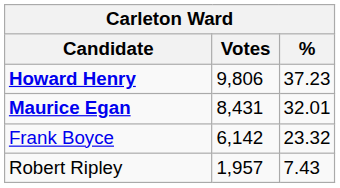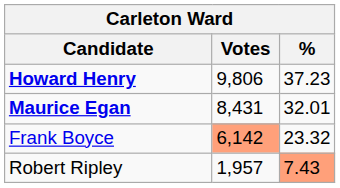 <table class="wikitable">
 <tr>
 <th colspan="3">Carleton Ward</th>
 </tr>
 <tr>
 <th style="width: 170px">Candidate</th>
 <th style="width: 50px">Votes</th>
 <th style="width: 40px">%</th>
 </tr>
 <tr>
 <td><strong><a href='#'>Howard Henry</a></strong></td>
 <td>9,806</td>
 <td>37.23</td>
 </tr>
 <tr>
 <td><strong><a href='#'>Maurice Egan</a></strong></td>
 <td>8,431</td>
 <td>32.01</td>
 </tr>
 <tr>
 <td><a href='#'>Frank Boyce</a></td>
-<td>6,142</td>
+<td style="background: lightsalmon;">6,142</td>
 <td>23.32</td>
 </tr>
 <tr>
 <td>Robert Ripley</td>
 <td>1,957</td>
-<td>7.43</td>
+<td style="background: lightsalmon;">7.43</td>
 </tr>
 </table>
